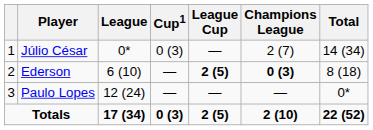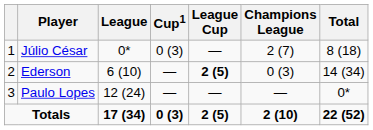 <table class="wikitable sortable" style="text-align:center;">
 <tr>
 <th></th>
 <th>Player</th>
 <th>League</th>
 <th>Cup<sup>1</sup></th>
 <th>League<br>Cup</th>
 <th>Champions<br>League</th>
 <th>Total</th>
 </tr>
 <tr>
 <td>1</td>
 <td align=left> <a href='#'>Júlio César</a></td>
 <td>0*</td>
 <td>0 (3)</td>
 <td>—</td>
 <td>2 (7)</td>
-<td>14 (34)</td>
+<td>8 (18)</td>
 </tr>
 <tr>
 <td>2</td>
 <td align=left> <a href='#'>Ederson</a></td>
 <td>6 (10)</td>
 <td>—</td>
 <td><strong>2 (5)</strong></td>
-<td><strong>0 (3)</strong></td>
-<td>8 (18)</td>
+<td>0 (3)</td>
+<td>14 (34)</td>
 </tr>
 <tr>
 <td>3</td>
 <td align=left> <a href='#'>Paulo Lopes</a></td>
 <td>12 (24)</td>
 <td>—</td>
 <td>—</td>
 <td>—</td>
 <td>0*</td>
 </tr>
 <tr>
 <td colspan="2"><strong>Totals</strong></td>
 <td><strong>17 (34)</strong></td>
 <td><strong>0 (3)</strong></td>
 <td><strong>2 (5)</strong></td>
 <td><strong>2 (10)</strong></td>
 <td><strong>22 (52)</strong></td>
 </tr>
 </table>
